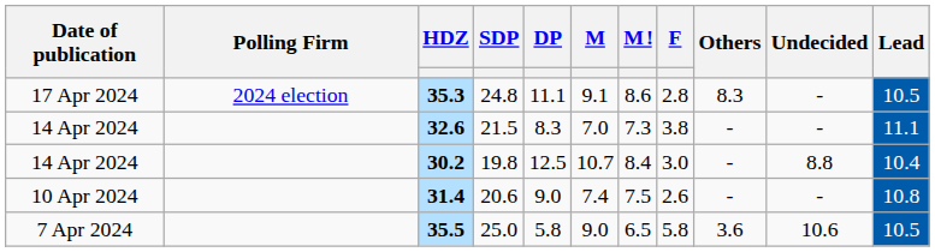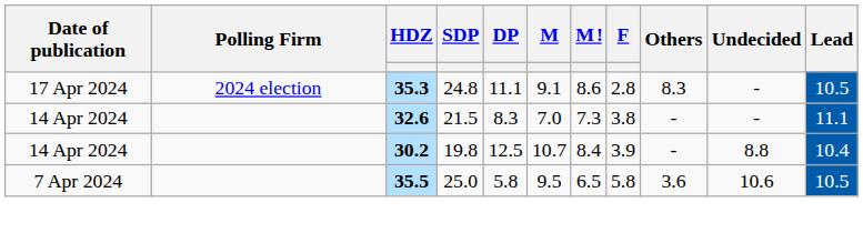 <table class="wikitable sortable" style="text-align:center; font-size:90%; line-height:16px;">
 <tr style="height:42px;">
 <th style="width:100px;" rowspan="2">Date of publication</th>
 <th style="width:165px;" rowspan="2">Polling Firm</th>
 <th><a href='#'>HDZ</a></th>
 <th><a href='#'>SDP</a></th>
 <th><a href='#'>DP</a></th>
 <th><a href='#'>M</a></th>
 <th style="letter-spacing:-1px;"><a href='#'>M !</a></th>
 <th><a href='#'>F</a></th>
 <th class="unsortable" style="width:40px;" rowspan="2">Others</th>
 <th class="unsortable" style="width:40px;" rowspan="2">Undecided</th>
 <th class="unsortable" style="width:20px;" rowspan="2">Lead</th>
 </tr>
 <tr>
 <th style="color:inherit;background:"></th>
 <th data-sort-type="number" style="color:inherit;background:"></th>
 <th style="color:inherit;background:"></th>
 <th style="color:inherit;background:"></th>
 <th style="color:inherit;background:"></th>
 <th style="color:inherit;background:"></th>
 </tr>
 <tr>
 <td>17 Apr 2024</td>
 <td><a href='#'>2024 election</a></td>
 <td style="background:#B3E0FF"><strong>35.3</strong></td>
 <td>24.8</td>
 <td>11.1</td>
 <td>9.1</td>
 <td>8.6</td>
 <td>2.8</td>
 <td>8.3</td>
 <td>-</td>
 <td style="background:#005BAA; color: white">10.5</td>
 </tr>
 <tr>
 <td>14 Apr 2024</td>
 <td></td>
 <td style="background:#B3E0FF"><strong>32.6</strong></td>
 <td>21.5</td>
 <td>8.3</td>
 <td>7.0</td>
 <td>7.3</td>
 <td>3.8</td>
 <td>-</td>
 <td>-</td>
 <td style="background:#005BAA; color: white">11.1</td>
 </tr>
 <tr>
 <td>14 Apr 2024</td>
 <td></td>
 <td style="background:#B3E0FF"><strong>30.2</strong></td>
 <td>19.8</td>
 <td>12.5</td>
 <td>10.7</td>
 <td>8.4</td>
-<td>3.0</td>
+<td>3.9</td>
 <td>-</td>
 <td>8.8</td>
 <td style="background:#005BAA; color: white">10.4</td>
-</tr>
-<tr>
-<td>10 Apr 2024</td>
-<td></td>
-<td style="background:#B3E0FF"><strong>31.4</strong></td>
-<td>20.6</td>
-<td>9.0</td>
-<td>7.4</td>
-<td>7.5</td>
-<td>2.6</td>
-<td>-</td>
-<td>-</td>
-<td style="background:#005BAA; color: white">10.8</td>
 </tr>
 <tr>
 <td>7 Apr 2024</td>
 <td></td>
 <td style="background:#B3E0FF"><strong>35.5</strong></td>
 <td>25.0</td>
 <td>5.8</td>
-<td>9.0</td>
+<td>9.5</td>
 <td>6.5</td>
 <td>5.8</td>
 <td>3.6</td>
 <td>10.6</td>
 <td style="background:#005BAA; color: white">10.5</td>
 </tr>
 </table>
